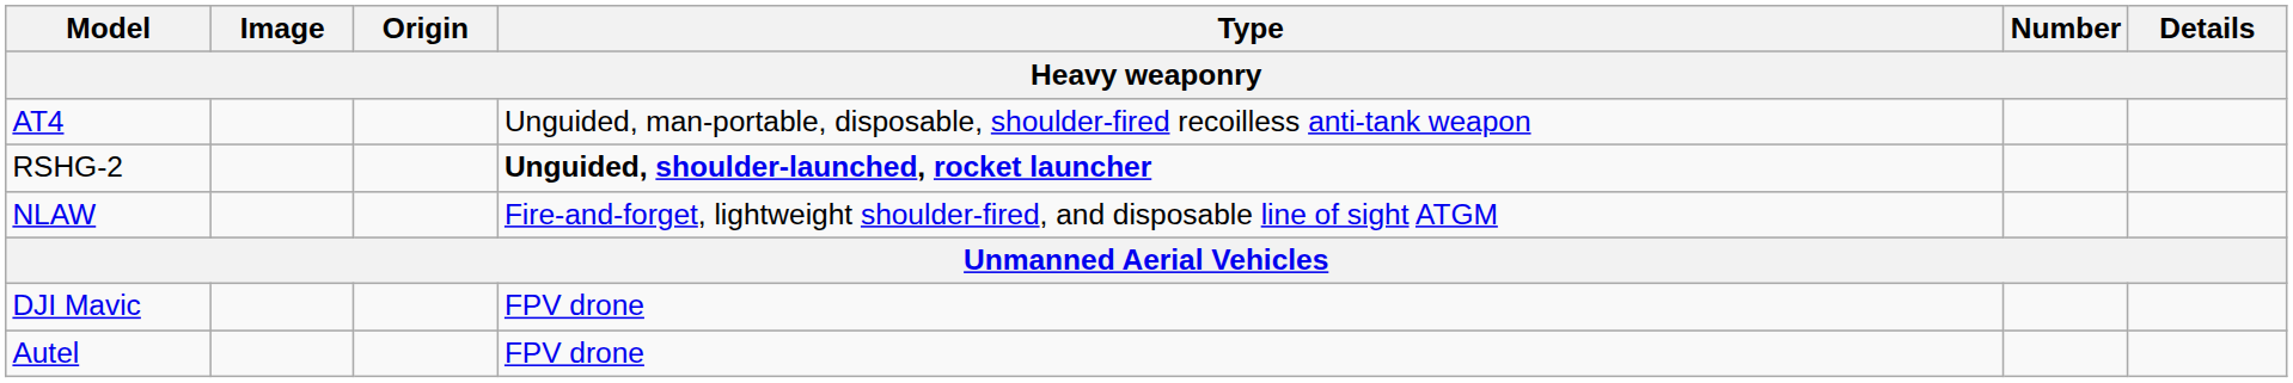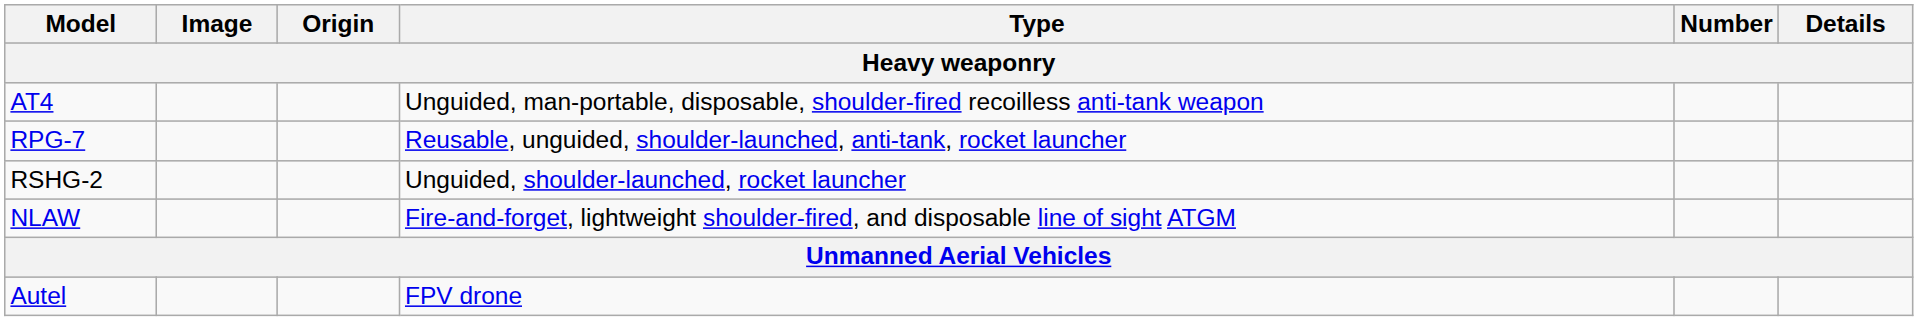 <table class="wikitable">
 <tr>
 <th>Model</th>
 <th>Image</th>
 <th>Origin</th>
 <th>Type</th>
 <th style="width:5%;">Number</th>
 <th>Details</th>
 </tr>
 <tr>
 <th colspan="6" style="align: center;">Heavy weaponry</th>
 </tr>
 <tr>
 <td><a href='#'>AT4</a></td>
 <td></td>
 <td><br></td>
 <td>Unguided, man-portable, disposable, <a href='#'>shoulder-fired</a> recoilless <a href='#'>anti-tank weapon</a></td>
 <td></td>
 <td></td>
 </tr>
 <tr>
+<td><a href='#'>RPG-7</a></td>
+<td></td>
+<td></td>
+<td><a href='#'>Reusable</a>, unguided, <a href='#'>shoulder-launched</a>, <a href='#'>anti-tank</a>, <a href='#'>rocket launcher</a></td>
+<td></td>
+<td></td>
+</tr>
+<tr>
 <td>RSHG-2</td>
 <td></td>
 <td></td>
-<td><strong>Unguided, <a href='#'>shoulder-launched</a>, <a href='#'>rocket launcher</a></strong></td>
+<td>Unguided, <a href='#'>shoulder-launched</a>, <a href='#'>rocket launcher</a></td>
 <td></td>
 <td></td>
 </tr>
 <tr>
 <td><a href='#'>NLAW</a></td>
 <td></td>
 <td><br></td>
 <td><a href='#'>Fire-and-forget</a>, lightweight <a href='#'>shoulder-fired</a>, and disposable  <a href='#'>line of sight</a> <a href='#'>ATGM</a></td>
 <td></td>
 <td></td>
 </tr>
 <tr>
 <th colspan="6" style="align: center;"><a href='#'>Unmanned Aerial Vehicles</a></th>
 </tr>
 <tr>
-<td><a href='#'>DJI Mavic</a></td>
-<td></td>
-<td></td>
-<td><a href='#'>FPV drone</a></td>
-<td></td>
-<td></td>
-</tr>
-<tr>
 <td><a href='#'>Autel</a></td>
 <td></td>
 <td></td>
 <td><a href='#'>FPV drone</a></td>
 <td></td>
 <td></td>
 </tr>
 </table>
